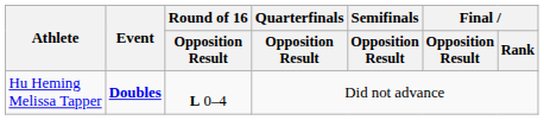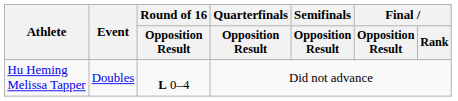 <table class=wikitable style=font-size:90%;text-align:center>
 <tr>
 <th rowspan=2>Athlete</th>
 <th rowspan=2>Event</th>
 <th>Round of 16</th>
 <th>Quarterfinals</th>
 <th>Semifinals</th>
 <th colspan=2>Final / </th>
 </tr>
 <tr style=font-size:95%>
 <th>Opposition<br>Result</th>
 <th>Opposition<br>Result</th>
 <th>Opposition<br>Result</th>
 <th>Opposition<br>Result</th>
 <th>Rank</th>
 </tr>
 <tr>
 <td align=left><a href='#'>Hu Heming</a><br><a href='#'>Melissa Tapper</a></td>
-<td align=left><strong><a href='#'>Doubles</a></strong></td>
+<td align=left><a href='#'>Doubles</a></td>
 <td><br><strong>L</strong> 0–4</td>
 <td colspan=4>Did not advance</td>
 </tr>
 </table>
